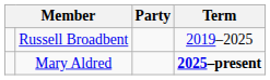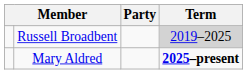 <table class=wikitable style="text-align:center">
 <tr>
 <th colspan=2>Member</th>
 <th>Party</th>
 <th>Term</th>
 </tr>
 <tr>
 <td> </td>
 <td><a href='#'>Russell Broadbent</a></td>
 <td></td>
-<td><a href='#'>2019</a>–2025</td>
+<td style="background: lightgrey;"><a href='#'>2019</a>–2025</td>
 </tr>
 <tr>
 <td> </td>
 <td><a href='#'>Mary Aldred</a></td>
 <td></td>
 <td><strong><a href='#'>2025</a>–present</strong></td>
 </tr>
 </table>
